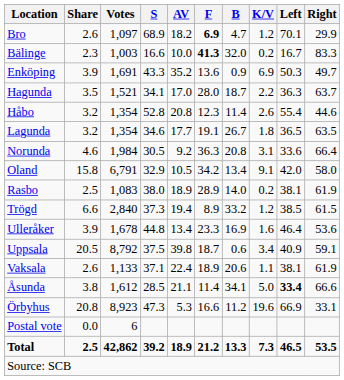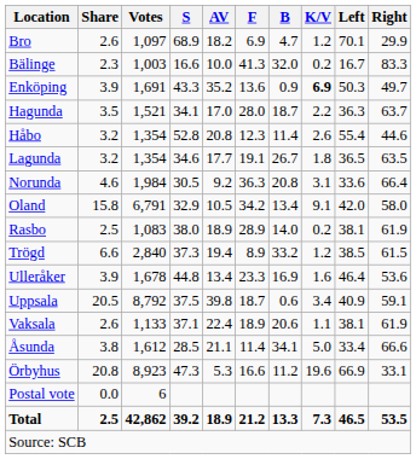 <table class="wikitable sortable" style=text-align:right>
 <tr>
 <th>Location</th>
 <th>Share</th>
 <th>Votes</th>
 <th><a href='#'>S</a></th>
 <th><a href='#'>AV</a></th>
 <th><a href='#'>F</a></th>
 <th><a href='#'>B</a></th>
 <th><a href='#'>K/V</a></th>
 <th>Left</th>
 <th>Right</th>
 </tr>
 <tr>
 <td align=left><a href='#'>Bro</a></td>
 <td>2.6</td>
 <td>1,097</td>
 <td>68.9</td>
 <td>18.2</td>
-<td><strong>6.9</strong></td>
+<td>6.9</td>
 <td>4.7</td>
 <td>1.2</td>
 <td>70.1</td>
 <td>29.9</td>
 </tr>
 <tr>
 <td align=left><a href='#'>Bälinge</a></td>
 <td>2.3</td>
 <td>1,003</td>
 <td>16.6</td>
 <td>10.0</td>
-<td><strong>41.3</strong></td>
+<td>41.3</td>
 <td>32.0</td>
 <td>0.2</td>
 <td>16.7</td>
 <td>83.3</td>
 </tr>
 <tr>
 <td align=left><a href='#'>Enköping</a></td>
 <td>3.9</td>
 <td>1,691</td>
 <td>43.3</td>
 <td>35.2</td>
 <td>13.6</td>
 <td>0.9</td>
-<td>6.9</td>
+<td><strong>6.9</strong></td>
 <td>50.3</td>
 <td>49.7</td>
 </tr>
 <tr>
 <td align=left><a href='#'>Hagunda</a></td>
 <td>3.5</td>
 <td>1,521</td>
 <td>34.1</td>
 <td>17.0</td>
 <td>28.0</td>
 <td>18.7</td>
 <td>2.2</td>
 <td>36.3</td>
 <td>63.7</td>
 </tr>
 <tr>
 <td align=left><a href='#'>Håbo</a></td>
 <td>3.2</td>
 <td>1,354</td>
 <td>52.8</td>
 <td>20.8</td>
 <td>12.3</td>
 <td>11.4</td>
 <td>2.6</td>
 <td>55.4</td>
 <td>44.6</td>
 </tr>
 <tr>
 <td align=left><a href='#'>Lagunda</a></td>
 <td>3.2</td>
 <td>1,354</td>
 <td>34.6</td>
 <td>17.7</td>
 <td>19.1</td>
 <td>26.7</td>
 <td>1.8</td>
 <td>36.5</td>
 <td>63.5</td>
 </tr>
 <tr>
 <td align=left><a href='#'>Norunda</a></td>
 <td>4.6</td>
 <td>1,984</td>
 <td>30.5</td>
 <td>9.2</td>
 <td>36.3</td>
 <td>20.8</td>
 <td>3.1</td>
 <td>33.6</td>
 <td>66.4</td>
 </tr>
 <tr>
 <td align=left><a href='#'>Oland</a></td>
 <td>15.8</td>
 <td>6,791</td>
 <td>32.9</td>
 <td>10.5</td>
 <td>34.2</td>
 <td>13.4</td>
 <td>9.1</td>
 <td>42.0</td>
 <td>58.0</td>
 </tr>
 <tr>
 <td align=left><a href='#'>Rasbo</a></td>
 <td>2.5</td>
 <td>1,083</td>
 <td>38.0</td>
 <td>18.9</td>
 <td>28.9</td>
 <td>14.0</td>
 <td>0.2</td>
 <td>38.1</td>
 <td>61.9</td>
 </tr>
 <tr>
 <td align=left><a href='#'>Trögd</a></td>
 <td>6.6</td>
 <td>2,840</td>
 <td>37.3</td>
 <td>19.4</td>
 <td>8.9</td>
 <td>33.2</td>
 <td>1.2</td>
 <td>38.5</td>
 <td>61.5</td>
 </tr>
 <tr>
 <td align=left><a href='#'>Ulleråker</a></td>
 <td>3.9</td>
 <td>1,678</td>
 <td>44.8</td>
 <td>13.4</td>
 <td>23.3</td>
 <td>16.9</td>
 <td>1.6</td>
 <td>46.4</td>
 <td>53.6</td>
 </tr>
 <tr>
 <td align=left><a href='#'>Uppsala</a></td>
 <td>20.5</td>
 <td>8,792</td>
 <td>37.5</td>
 <td>39.8</td>
 <td>18.7</td>
 <td>0.6</td>
 <td>3.4</td>
 <td>40.9</td>
 <td>59.1</td>
 </tr>
 <tr>
 <td align=left><a href='#'>Vaksala</a></td>
 <td>2.6</td>
 <td>1,133</td>
 <td>37.1</td>
 <td>22.4</td>
 <td>18.9</td>
 <td>20.6</td>
 <td>1.1</td>
 <td>38.1</td>
 <td>61.9</td>
 </tr>
 <tr>
 <td align=left><a href='#'>Åsunda</a></td>
 <td>3.8</td>
 <td>1,612</td>
 <td>28.5</td>
 <td>21.1</td>
 <td>11.4</td>
 <td>34.1</td>
 <td>5.0</td>
-<td><strong>33.4</strong></td>
+<td>33.4</td>
 <td>66.6</td>
 </tr>
 <tr>
 <td align=left><a href='#'>Örbyhus</a></td>
 <td>20.8</td>
 <td>8,923</td>
 <td>47.3</td>
 <td>5.3</td>
 <td>16.6</td>
 <td>11.2</td>
 <td>19.6</td>
 <td>66.9</td>
 <td>33.1</td>
 </tr>
 <tr>
 <td align=left><a href='#'>Postal vote</a></td>
 <td>0.0</td>
 <td>6</td>
 <td></td>
 <td></td>
 <td></td>
 <td></td>
 <td></td>
 <td></td>
 <td></td>
 </tr>
 <tr>
 <td align=left><strong>Total</strong></td>
 <td><strong>2.5</strong></td>
 <td><strong>42,862</strong></td>
 <td><strong>39.2</strong></td>
 <td><strong>18.9</strong></td>
 <td><strong>21.2</strong></td>
 <td><strong>13.3</strong></td>
 <td><strong>7.3</strong></td>
 <td><strong>46.5</strong></td>
 <td><strong>53.5</strong></td>
 </tr>
 <tr>
 <td align=left colspan=10>Source: SCB </td>
 </tr>
 </table>
